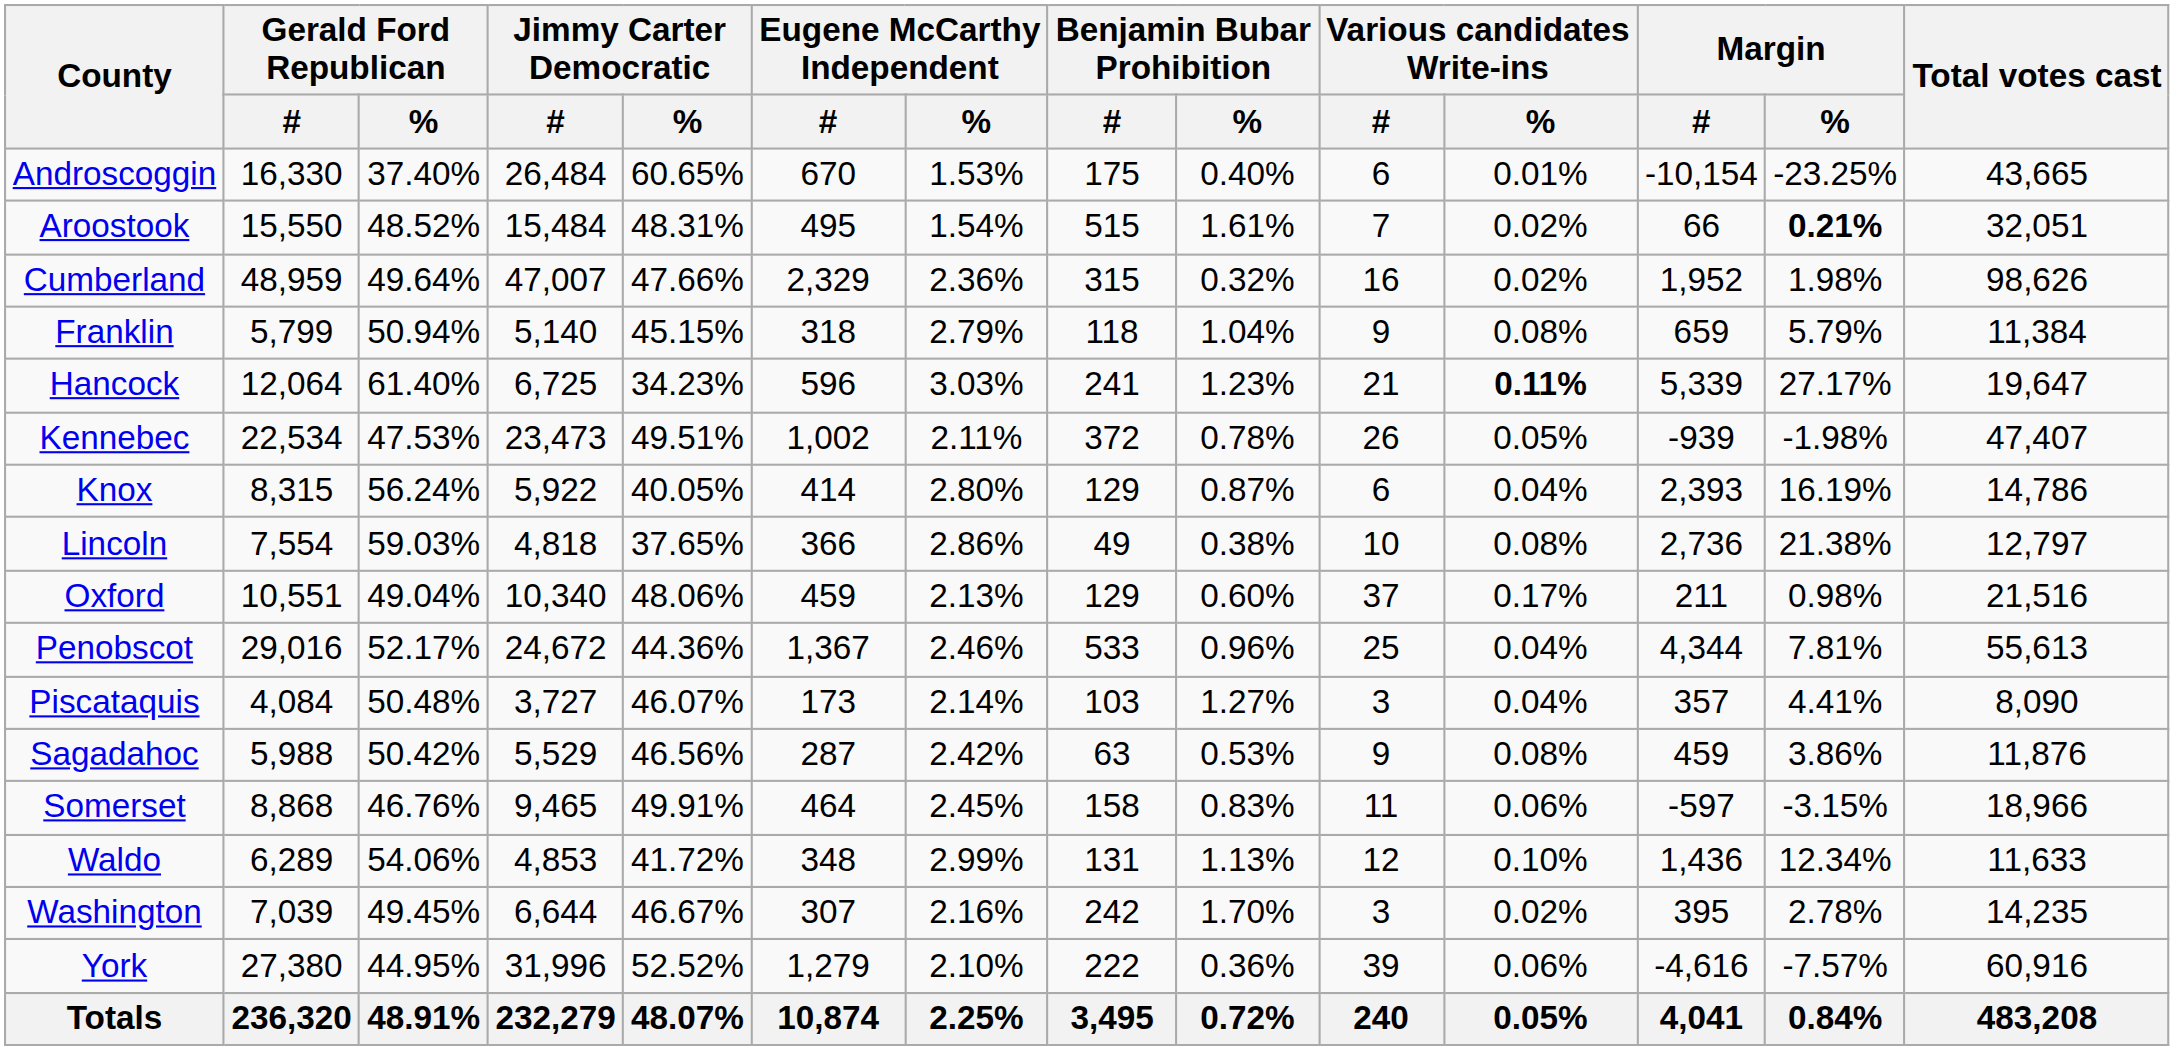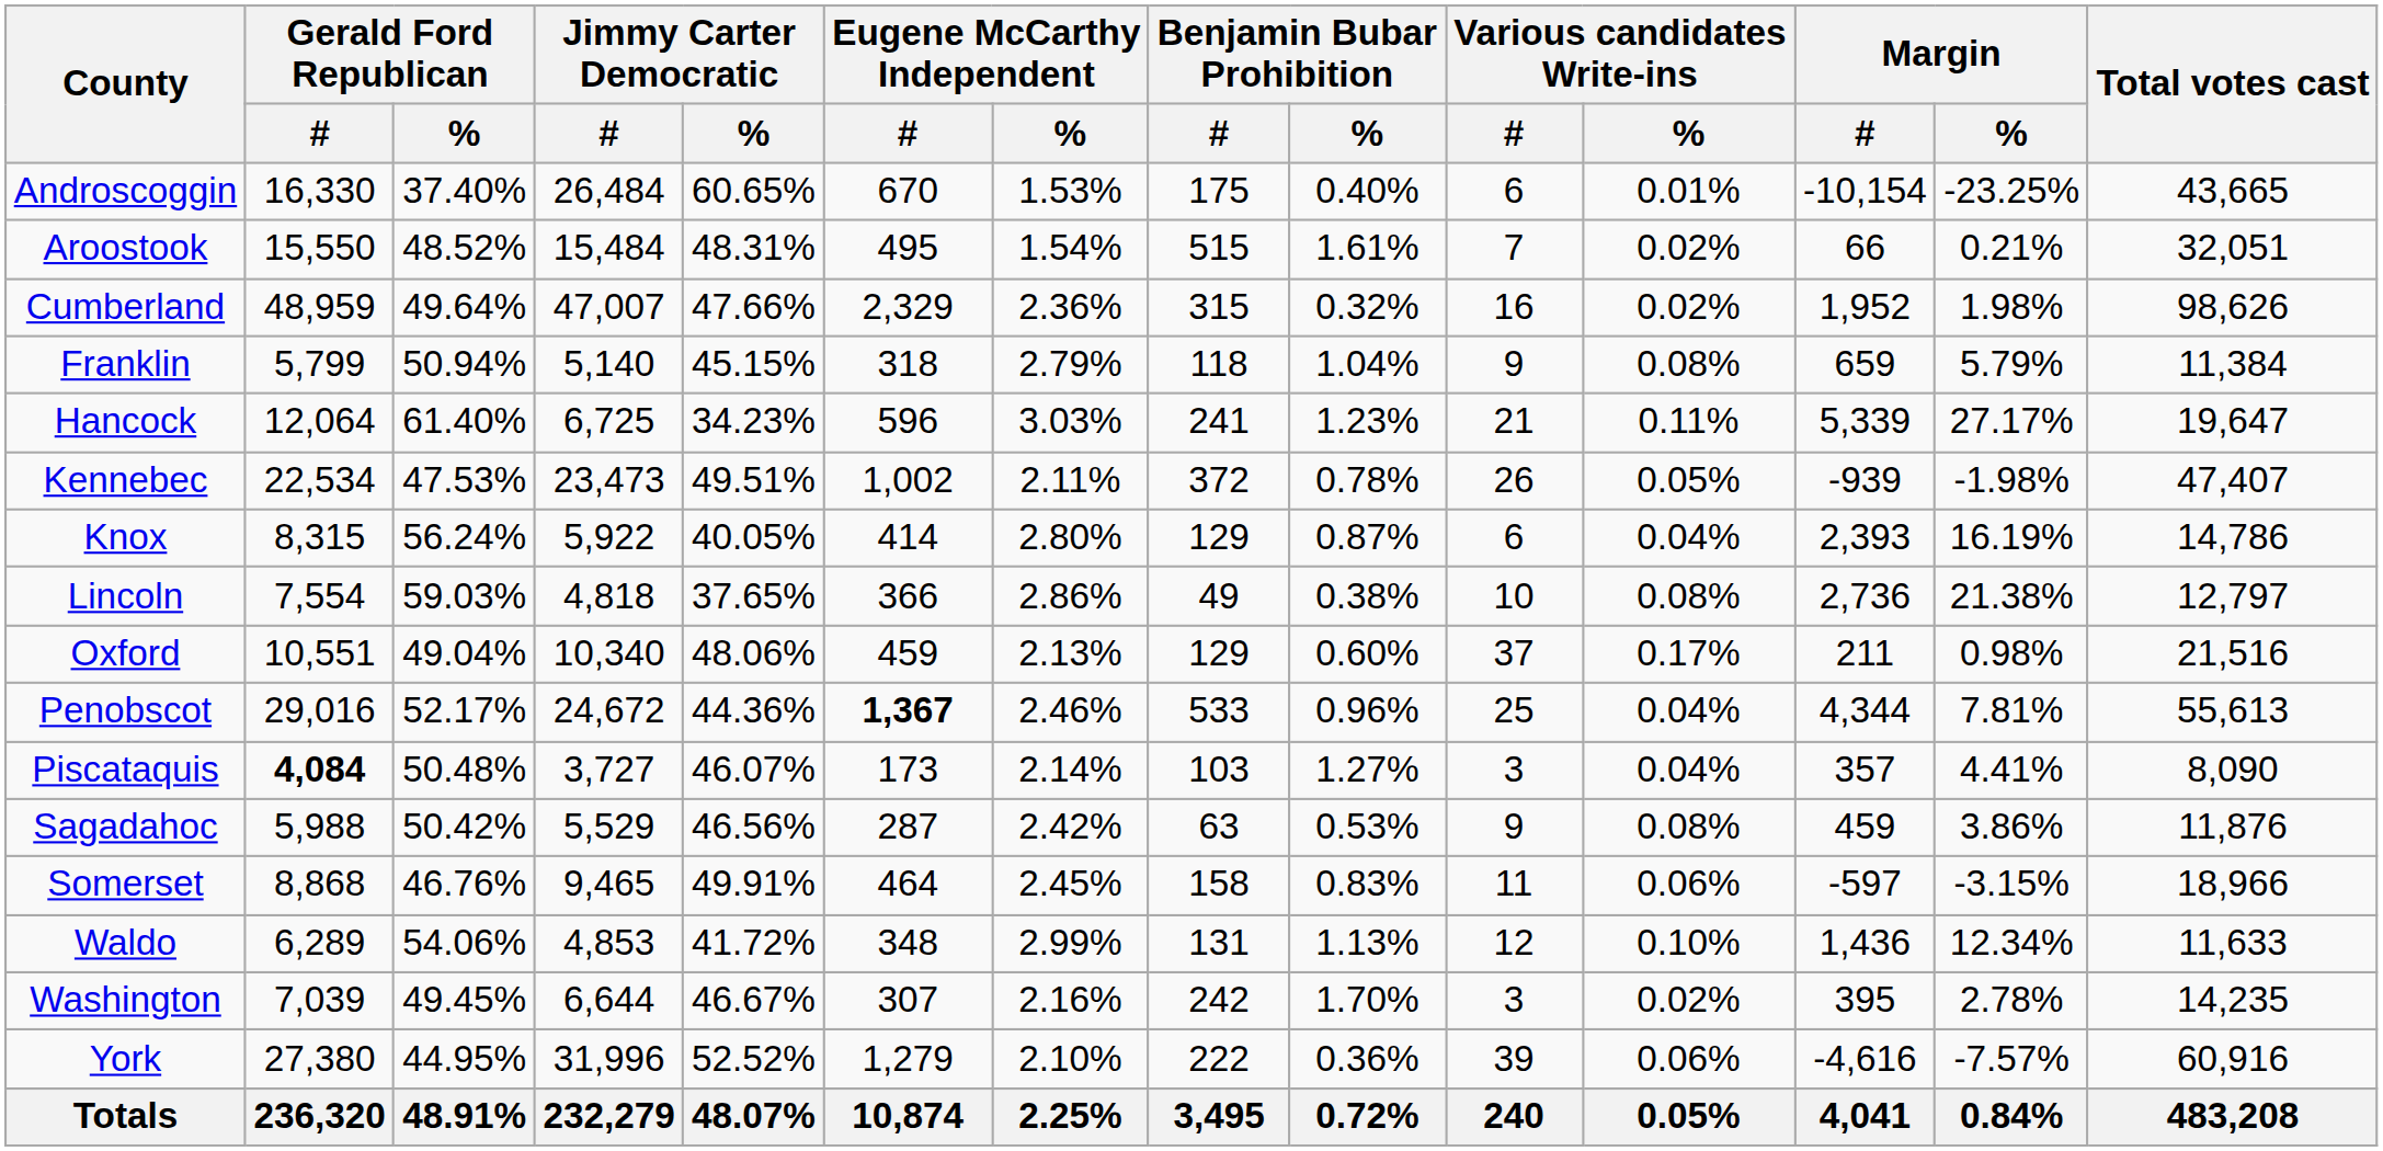 <table class="wikitable sortable">
 <tr>
 <th style="text-align:center;" rowspan="2">County</th>
 <th style="text-align:center;" colspan="2">Gerald Ford<br>Republican</th>
 <th style="text-align:center;" colspan="2">Jimmy Carter<br>Democratic</th>
 <th style="text-align:center;" colspan="2">Eugene McCarthy<br>Independent</th>
 <th style="text-align:center;" colspan="2">Benjamin Bubar<br>Prohibition</th>
 <th style="text-align:center;" colspan="2">Various candidates<br>Write-ins</th>
 <th style="text-align:center;" colspan="2">Margin</th>
 <th style="text-align:center;" rowspan="2">Total votes cast</th>
 </tr>
 <tr>
 <th data-sort-type="number">#</th>
 <th data-sort-type="number">%</th>
 <th data-sort-type="number">#</th>
 <th data-sort-type="number">%</th>
 <th data-sort-type="number">#</th>
 <th data-sort-type="number">%</th>
 <th data-sort-type="number">#</th>
 <th data-sort-type="number">%</th>
 <th data-sort-type="number">#</th>
 <th data-sort-type="number">%</th>
 <th data-sort-type="number">#</th>
 <th data-sort-type="number">%</th>
 </tr>
 <tr style="text-align:center;">
 <td><a href='#'>Androscoggin</a></td>
 <td>16,330</td>
 <td>37.40%</td>
 <td>26,484</td>
 <td>60.65%</td>
 <td>670</td>
 <td>1.53%</td>
 <td>175</td>
 <td>0.40%</td>
 <td>6</td>
 <td>0.01%</td>
 <td>-10,154</td>
 <td>-23.25%</td>
 <td>43,665</td>
 </tr>
 <tr style="text-align:center;">
 <td><a href='#'>Aroostook</a></td>
 <td>15,550</td>
 <td>48.52%</td>
 <td>15,484</td>
 <td>48.31%</td>
 <td>495</td>
 <td>1.54%</td>
 <td>515</td>
 <td>1.61%</td>
 <td>7</td>
 <td>0.02%</td>
 <td>66</td>
-<td><strong>0.21%</strong></td>
+<td>0.21%</td>
 <td>32,051</td>
 </tr>
 <tr style="text-align:center;">
 <td><a href='#'>Cumberland</a></td>
 <td>48,959</td>
 <td>49.64%</td>
 <td>47,007</td>
 <td>47.66%</td>
 <td>2,329</td>
 <td>2.36%</td>
 <td>315</td>
 <td>0.32%</td>
 <td>16</td>
 <td>0.02%</td>
 <td>1,952</td>
 <td>1.98%</td>
 <td>98,626</td>
 </tr>
 <tr style="text-align:center;">
 <td><a href='#'>Franklin</a></td>
 <td>5,799</td>
 <td>50.94%</td>
 <td>5,140</td>
 <td>45.15%</td>
 <td>318</td>
 <td>2.79%</td>
 <td>118</td>
 <td>1.04%</td>
 <td>9</td>
 <td>0.08%</td>
 <td>659</td>
 <td>5.79%</td>
 <td>11,384</td>
 </tr>
 <tr style="text-align:center;">
 <td><a href='#'>Hancock</a></td>
 <td>12,064</td>
 <td>61.40%</td>
 <td>6,725</td>
 <td>34.23%</td>
 <td>596</td>
 <td>3.03%</td>
 <td>241</td>
 <td>1.23%</td>
 <td>21</td>
-<td><strong>0.11%</strong></td>
+<td>0.11%</td>
 <td>5,339</td>
 <td>27.17%</td>
 <td>19,647</td>
 </tr>
 <tr style="text-align:center;">
 <td><a href='#'>Kennebec</a></td>
 <td>22,534</td>
 <td>47.53%</td>
 <td>23,473</td>
 <td>49.51%</td>
 <td>1,002</td>
 <td>2.11%</td>
 <td>372</td>
 <td>0.78%</td>
 <td>26</td>
 <td>0.05%</td>
 <td>-939</td>
 <td>-1.98%</td>
 <td>47,407</td>
 </tr>
 <tr style="text-align:center;">
 <td><a href='#'>Knox</a></td>
 <td>8,315</td>
 <td>56.24%</td>
 <td>5,922</td>
 <td>40.05%</td>
 <td>414</td>
 <td>2.80%</td>
 <td>129</td>
 <td>0.87%</td>
 <td>6</td>
 <td>0.04%</td>
 <td>2,393</td>
 <td>16.19%</td>
 <td>14,786</td>
 </tr>
 <tr style="text-align:center;">
 <td><a href='#'>Lincoln</a></td>
 <td>7,554</td>
 <td>59.03%</td>
 <td>4,818</td>
 <td>37.65%</td>
 <td>366</td>
 <td>2.86%</td>
 <td>49</td>
 <td>0.38%</td>
 <td>10</td>
 <td>0.08%</td>
 <td>2,736</td>
 <td>21.38%</td>
 <td>12,797</td>
 </tr>
 <tr style="text-align:center;">
 <td><a href='#'>Oxford</a></td>
 <td>10,551</td>
 <td>49.04%</td>
 <td>10,340</td>
 <td>48.06%</td>
 <td>459</td>
 <td>2.13%</td>
 <td>129</td>
 <td>0.60%</td>
 <td>37</td>
 <td>0.17%</td>
 <td>211</td>
 <td>0.98%</td>
 <td>21,516</td>
 </tr>
 <tr style="text-align:center;">
 <td><a href='#'>Penobscot</a></td>
 <td>29,016</td>
 <td>52.17%</td>
 <td>24,672</td>
 <td>44.36%</td>
-<td>1,367</td>
+<td><strong>1,367</strong></td>
 <td>2.46%</td>
 <td>533</td>
 <td>0.96%</td>
 <td>25</td>
 <td>0.04%</td>
 <td>4,344</td>
 <td>7.81%</td>
 <td>55,613</td>
 </tr>
 <tr style="text-align:center;">
 <td><a href='#'>Piscataquis</a></td>
-<td>4,084</td>
+<td><strong>4,084</strong></td>
 <td>50.48%</td>
 <td>3,727</td>
 <td>46.07%</td>
 <td>173</td>
 <td>2.14%</td>
 <td>103</td>
 <td>1.27%</td>
 <td>3</td>
 <td>0.04%</td>
 <td>357</td>
 <td>4.41%</td>
 <td>8,090</td>
 </tr>
 <tr style="text-align:center;">
 <td><a href='#'>Sagadahoc</a></td>
 <td>5,988</td>
 <td>50.42%</td>
 <td>5,529</td>
 <td>46.56%</td>
 <td>287</td>
 <td>2.42%</td>
 <td>63</td>
 <td>0.53%</td>
 <td>9</td>
 <td>0.08%</td>
 <td>459</td>
 <td>3.86%</td>
 <td>11,876</td>
 </tr>
 <tr style="text-align:center;">
 <td><a href='#'>Somerset</a></td>
 <td>8,868</td>
 <td>46.76%</td>
 <td>9,465</td>
 <td>49.91%</td>
 <td>464</td>
 <td>2.45%</td>
 <td>158</td>
 <td>0.83%</td>
 <td>11</td>
 <td>0.06%</td>
 <td>-597</td>
 <td>-3.15%</td>
 <td>18,966</td>
 </tr>
 <tr style="text-align:center;">
 <td><a href='#'>Waldo</a></td>
 <td>6,289</td>
 <td>54.06%</td>
 <td>4,853</td>
 <td>41.72%</td>
 <td>348</td>
 <td>2.99%</td>
 <td>131</td>
 <td>1.13%</td>
 <td>12</td>
 <td>0.10%</td>
 <td>1,436</td>
 <td>12.34%</td>
 <td>11,633</td>
 </tr>
 <tr style="text-align:center;">
 <td><a href='#'>Washington</a></td>
 <td>7,039</td>
 <td>49.45%</td>
 <td>6,644</td>
 <td>46.67%</td>
 <td>307</td>
 <td>2.16%</td>
 <td>242</td>
 <td>1.70%</td>
 <td>3</td>
 <td>0.02%</td>
 <td>395</td>
 <td>2.78%</td>
 <td>14,235</td>
 </tr>
 <tr style="text-align:center;">
 <td><a href='#'>York</a></td>
 <td>27,380</td>
 <td>44.95%</td>
 <td>31,996</td>
 <td>52.52%</td>
 <td>1,279</td>
 <td>2.10%</td>
 <td>222</td>
 <td>0.36%</td>
 <td>39</td>
 <td>0.06%</td>
 <td>-4,616</td>
 <td>-7.57%</td>
 <td>60,916</td>
 </tr>
 <tr style="text-align:center;">
 <th>Totals</th>
 <th>236,320</th>
 <th>48.91%</th>
 <th>232,279</th>
 <th>48.07%</th>
 <th>10,874</th>
 <th>2.25%</th>
 <th>3,495</th>
 <th>0.72%</th>
 <th>240</th>
 <th>0.05%</th>
 <th>4,041</th>
 <th>0.84%</th>
 <th>483,208</th>
 </tr>
 </table>
